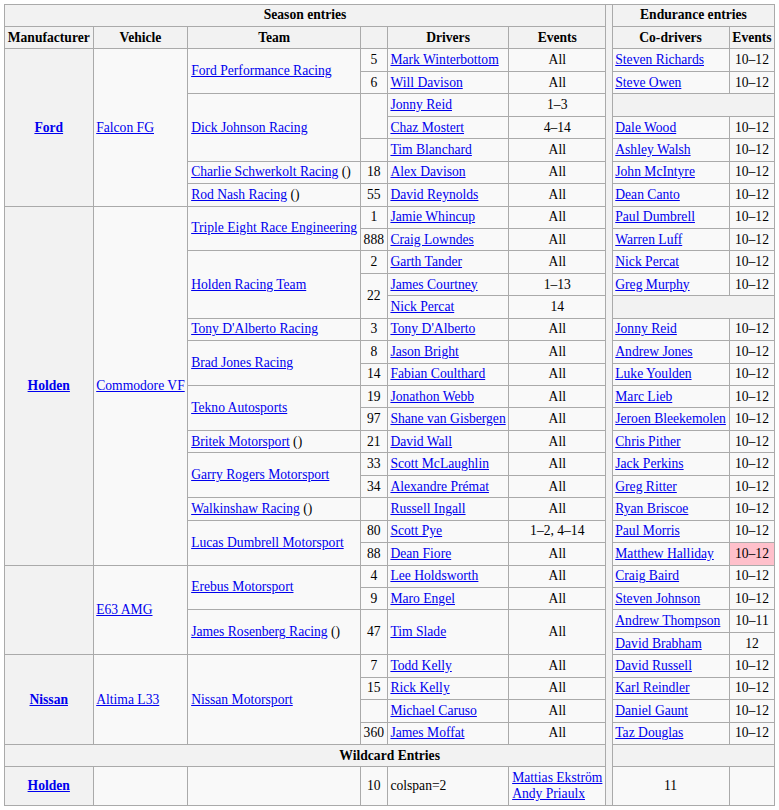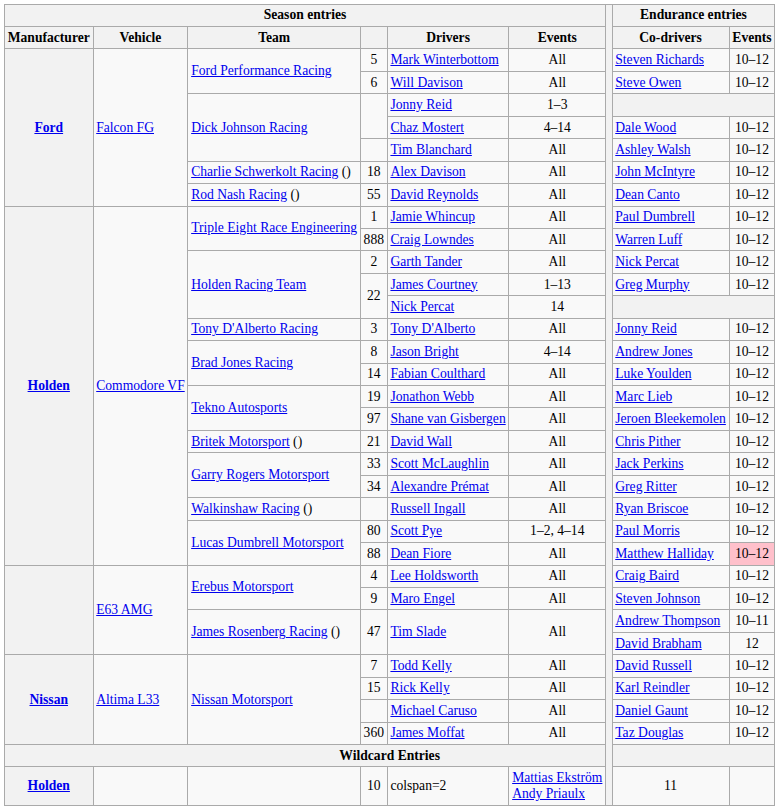 <table class="wikitable" style="font-size: 85% ">
 <tr>
 <th colspan="6">Season entries</th>
 <th rowspan="40"></th>
 <th colspan="2">Endurance entries</th>
 </tr>
 <tr>
 <th>Manufacturer</th>
 <th>Vehicle</th>
 <th>Team</th>
 <th valign="middle"></th>
 <th>Drivers</th>
 <th>Events</th>
 <th>Co-drivers</th>
 <th>Events</th>
 </tr>
 <tr>
 <th rowspan="7"><a href='#'>Ford</a></th>
 <td rowspan="7"><a href='#'>Falcon FG</a></td>
 <td rowspan="2"><a href='#'>Ford Performance Racing</a></td>
 <td align="middle">5</td>
 <td> <a href='#'>Mark Winterbottom</a></td>
 <td align="center">All</td>
 <td> <a href='#'>Steven Richards</a></td>
 <td align="center">10–12</td>
 </tr>
 <tr>
 <td align="middle">6</td>
 <td> <a href='#'>Will Davison</a></td>
 <td align="center">All</td>
 <td> <a href='#'>Steve Owen</a></td>
 <td align="center">10–12</td>
 </tr>
 <tr>
 <td rowspan="3"><a href='#'>Dick Johnson Racing</a></td>
 <td rowspan="2" align="middle"></td>
 <td> <a href='#'>Jonny Reid</a></td>
 <td align="center">1–3</td>
 <th colspan=2></th>
 </tr>
 <tr>
 <td> <a href='#'>Chaz Mostert</a></td>
 <td align="center">4–14</td>
 <td> <a href='#'>Dale Wood</a></td>
 <td align="center">10–12</td>
 </tr>
 <tr>
 <td align="middle"></td>
 <td> <a href='#'>Tim Blanchard</a></td>
 <td align="center">All</td>
 <td> <a href='#'>Ashley Walsh</a></td>
 <td align="center">10–12</td>
 </tr>
 <tr>
 <td nowrap><a href='#'>Charlie Schwerkolt Racing</a> ()</td>
 <td align="middle">18</td>
 <td> <a href='#'>Alex Davison</a></td>
 <td align="center">All</td>
 <td> <a href='#'>John McIntyre</a></td>
 <td align="center">10–12</td>
 </tr>
 <tr>
 <td><a href='#'>Rod Nash Racing</a> ()</td>
 <td align="middle">55</td>
 <td> <a href='#'>David Reynolds</a></td>
 <td align="center">All</td>
 <td> <a href='#'>Dean Canto</a></td>
 <td align="center">10–12</td>
 </tr>
 <tr>
 <th rowspan="16"><a href='#'>Holden</a></th>
 <td rowspan="16"><a href='#'>Commodore VF</a></td>
 <td rowspan="2"><a href='#'>Triple Eight Race Engineering</a></td>
 <td align="middle">1</td>
 <td> <a href='#'>Jamie Whincup</a></td>
 <td align="center">All</td>
 <td> <a href='#'>Paul Dumbrell</a></td>
 <td align="center">10–12</td>
 </tr>
 <tr>
 <td align="middle">888</td>
 <td> <a href='#'>Craig Lowndes</a></td>
 <td align="center">All</td>
 <td> <a href='#'>Warren Luff</a></td>
 <td align="center">10–12</td>
 </tr>
 <tr>
 <td rowspan="3"><a href='#'>Holden Racing Team</a></td>
 <td align="middle">2</td>
 <td> <a href='#'>Garth Tander</a></td>
 <td align="center">All</td>
 <td> <a href='#'>Nick Percat</a></td>
 <td align="center">10–12</td>
 </tr>
 <tr>
 <td rowspan="2" align="middle">22</td>
 <td> <a href='#'>James Courtney</a></td>
 <td align="center">1–13</td>
 <td> <a href='#'>Greg Murphy</a></td>
 <td align="center">10–12</td>
 </tr>
 <tr>
 <td> <a href='#'>Nick Percat</a></td>
 <td align="center">14</td>
 <th colspan=2></th>
 </tr>
 <tr>
 <td><a href='#'>Tony D'Alberto Racing</a></td>
 <td align="middle">3</td>
 <td> <a href='#'>Tony D'Alberto</a></td>
 <td align="center">All</td>
 <td> <a href='#'>Jonny Reid</a></td>
 <td align="center">10–12</td>
 </tr>
 <tr>
 <td rowspan="2"><a href='#'>Brad Jones Racing</a></td>
 <td align="middle">8</td>
 <td> <a href='#'>Jason Bright</a></td>
-<td align="center">All</td>
+<td align="center">4–14</td>
 <td> <a href='#'>Andrew Jones</a></td>
 <td align="center">10–12</td>
 </tr>
 <tr>
 <td align="middle">14</td>
 <td> <a href='#'>Fabian Coulthard</a></td>
 <td align="center">All</td>
 <td> <a href='#'>Luke Youlden</a></td>
 <td align="center">10–12</td>
 </tr>
 <tr>
 <td rowspan="2"><a href='#'>Tekno Autosports</a></td>
 <td align="middle">19</td>
 <td> <a href='#'>Jonathon Webb</a></td>
 <td align="center">All</td>
 <td> <a href='#'>Marc Lieb</a></td>
 <td align="center">10–12</td>
 </tr>
 <tr>
 <td align="middle">97</td>
 <td nowrap> <a href='#'>Shane van Gisbergen</a></td>
 <td align="center">All</td>
 <td nowrap> <a href='#'>Jeroen Bleekemolen</a></td>
 <td align="center">10–12</td>
 </tr>
 <tr>
 <td><a href='#'>Britek Motorsport</a> ()</td>
 <td align="middle">21</td>
 <td> <a href='#'>David Wall</a></td>
 <td align="center">All</td>
 <td> <a href='#'>Chris Pither</a></td>
 <td align="center">10–12</td>
 </tr>
 <tr>
 <td rowspan="2"><a href='#'>Garry Rogers Motorsport</a></td>
 <td align="middle">33</td>
 <td> <a href='#'>Scott McLaughlin</a></td>
 <td align="center">All</td>
 <td> <a href='#'>Jack Perkins</a></td>
 <td align="center">10–12</td>
 </tr>
 <tr>
 <td align="middle">34</td>
 <td> <a href='#'>Alexandre Prémat</a></td>
 <td align="center">All</td>
 <td> <a href='#'>Greg Ritter</a></td>
 <td align="center">10–12</td>
 </tr>
 <tr>
 <td><a href='#'>Walkinshaw Racing</a> ()</td>
 <td align="middle"></td>
 <td> <a href='#'>Russell Ingall</a></td>
 <td align="center">All</td>
 <td> <a href='#'>Ryan Briscoe</a></td>
 <td align="center">10–12</td>
 </tr>
 <tr>
 <td rowspan="2"><a href='#'>Lucas Dumbrell Motorsport</a></td>
 <td align="middle">80</td>
 <td> <a href='#'>Scott Pye</a></td>
 <td align="center">1–2, 4–14</td>
 <td> <a href='#'>Paul Morris</a></td>
 <td align="center">10–12</td>
 </tr>
 <tr>
 <td align="middle">88</td>
 <td> <a href='#'>Dean Fiore</a></td>
 <td align="center">All</td>
 <td> <a href='#'>Matthew Halliday</a></td>
 <td align="center" style="background: pink;">10–12</td>
 </tr>
 <tr>
 <th rowspan=4></th>
 <td rowspan="4"><a href='#'>E63 AMG</a></td>
 <td rowspan="2"><a href='#'>Erebus Motorsport</a></td>
 <td align="middle">4</td>
 <td> <a href='#'>Lee Holdsworth</a></td>
 <td align="center">All</td>
 <td> <a href='#'>Craig Baird</a></td>
 <td align="center">10–12</td>
 </tr>
 <tr>
 <td align="middle">9</td>
 <td> <a href='#'>Maro Engel</a></td>
 <td align="center">All</td>
 <td> <a href='#'>Steven Johnson</a></td>
 <td align="center">10–12</td>
 </tr>
 <tr>
 <td rowspan="2"><a href='#'>James Rosenberg Racing</a> ()</td>
 <td align="middle" rowspan="2">47</td>
 <td rowspan="2"> <a href='#'>Tim Slade</a></td>
 <td rowspan="2" align="center">All</td>
 <td> <a href='#'>Andrew Thompson</a></td>
 <td align="center">10–11</td>
 </tr>
 <tr>
 <td> <a href='#'>David Brabham</a></td>
 <td align="center">12</td>
 </tr>
 <tr>
 <th rowspan=4><a href='#'>Nissan</a></th>
 <td rowspan="4"><a href='#'>Altima L33</a></td>
 <td rowspan="4"><a href='#'>Nissan Motorsport</a></td>
 <td align="middle">7</td>
 <td> <a href='#'>Todd Kelly</a></td>
 <td align="center">All</td>
 <td> <a href='#'>David Russell</a></td>
 <td align="center">10–12</td>
 </tr>
 <tr>
 <td align="middle">15</td>
 <td> <a href='#'>Rick Kelly</a></td>
 <td align="center">All</td>
 <td> <a href='#'>Karl Reindler</a></td>
 <td align="center">10–12</td>
 </tr>
 <tr>
 <td align="middle"></td>
 <td> <a href='#'>Michael Caruso</a></td>
 <td align="center">All</td>
 <td> <a href='#'>Daniel Gaunt</a></td>
 <td align="center">10–12</td>
 </tr>
 <tr>
 <td align="middle">360</td>
 <td> <a href='#'>James Moffat</a></td>
 <td align="center">All</td>
 <td> <a href='#'>Taz Douglas</a></td>
 <td align="center">10–12</td>
 </tr>
 <tr>
 <th colspan="9" align="center">Wildcard Entries</th>
 </tr>
 <tr>
 <th><a href='#'>Holden</a></th>
 <td></td>
 <td></td>
 <td align="center">10</td>
 <td>colspan=2 </td>
 <td> <a href='#'>Mattias Ekström</a><br> <a href='#'>Andy Priaulx</a></td>
 <td align="center">11</td>
 </tr>
 </table>
